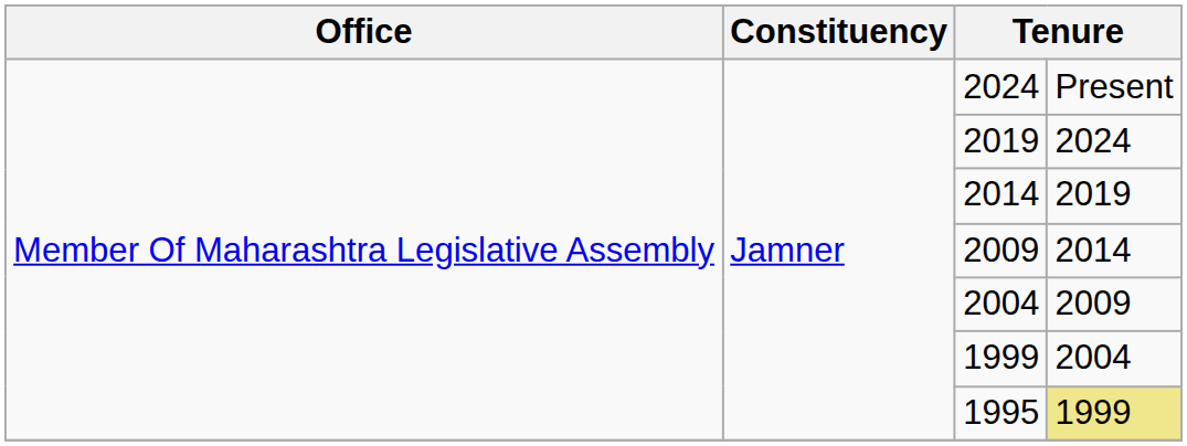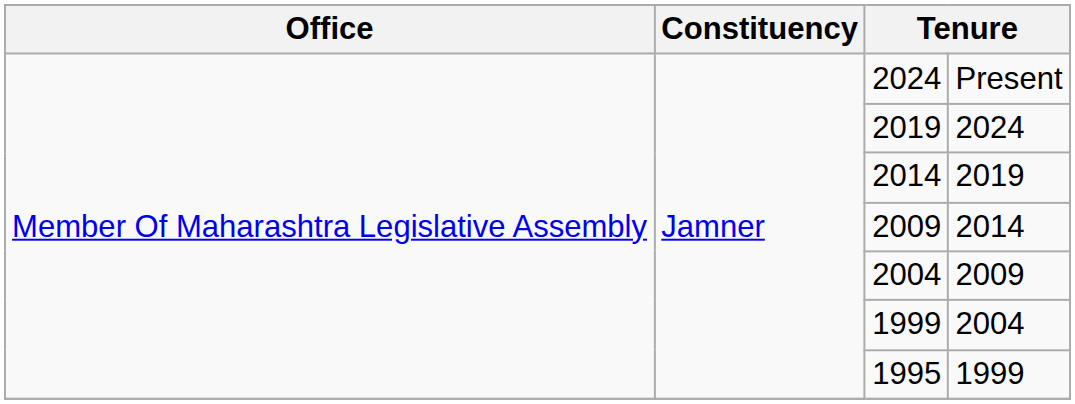 <table class=wikitable>
 <tr>
 <th>Office</th>
 <th>Constituency</th>
 <th colspan=2>Tenure</th>
 </tr>
 <tr>
 <td rowspan=7><a href='#'>Member Of Maharashtra Legislative Assembly</a></td>
 <td rowspan=7><a href='#'>Jamner</a></td>
 <td>2024</td>
 <td>Present</td>
 </tr>
 <tr>
 <td>2019</td>
 <td>2024</td>
 </tr>
 <tr>
 <td>2014</td>
 <td>2019</td>
 </tr>
 <tr>
 <td>2009</td>
 <td>2014</td>
 </tr>
 <tr>
 <td>2004</td>
 <td>2009</td>
 </tr>
 <tr>
 <td>1999</td>
 <td>2004</td>
 </tr>
 <tr>
 <td>1995</td>
-<td style="background: khaki;">1999</td>
+<td>1999</td>
 </tr>
 <tr>
 </tr>
 </table>
